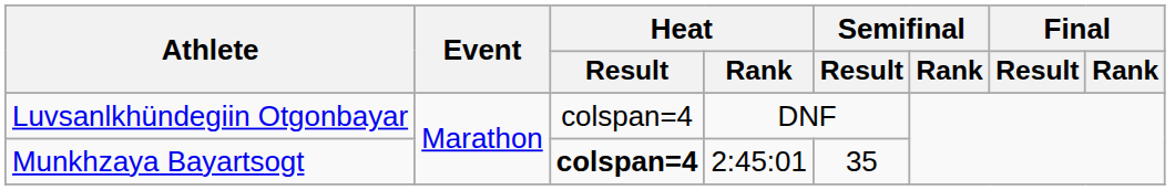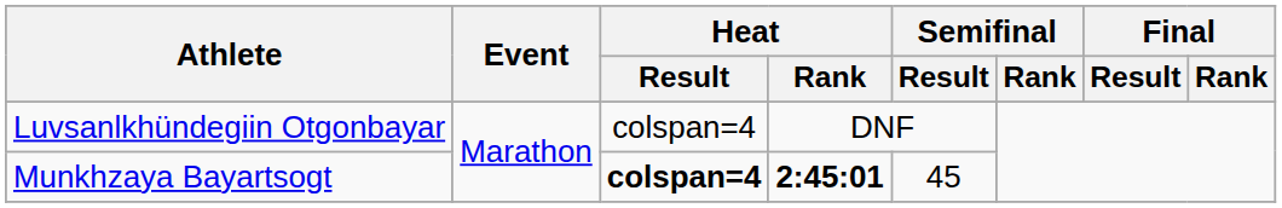 <table class="wikitable" style="font-size:90%">
 <tr>
 <th rowspan="2">Athlete</th>
 <th rowspan="2">Event</th>
 <th colspan="2">Heat</th>
 <th colspan="2">Semifinal</th>
 <th colspan="2">Final</th>
 </tr>
 <tr style="font-size:95%">
 <th>Result</th>
 <th>Rank</th>
 <th>Result</th>
 <th>Rank</th>
 <th>Result</th>
 <th>Rank</th>
 </tr>
 <tr style=text-align:center>
 <td style=text-align:left><a href='#'>Luvsanlkhündegiin Otgonbayar</a></td>
 <td style=text-align:left rowspan=2><a href='#'>Marathon</a></td>
 <td>colspan=4 </td>
 <td colspan=2>DNF</td>
 </tr>
 <tr style=text-align:center>
 <td style=text-align:left><a href='#'>Munkhzaya Bayartsogt</a></td>
 <td><strong>colspan=4 </strong></td>
-<td>2:45:01</td>
-<td>35</td>
+<td><strong>2:45:01</strong></td>
+<td>45</td>
 </tr>
 </table>
